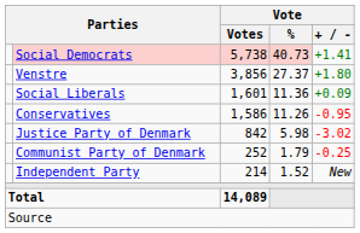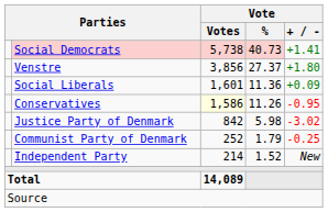 <table class="wikitable" style="text-align:right;">
 <tr>
 <th style="text-align:centre;" rowspan="2" colspan="2" width="225">Parties</th>
 <th colspan="3">Vote</th>
 </tr>
 <tr>
 <th width="15">Votes</th>
 <th width="15">%</th>
 <th width="15">+ / -</th>
 </tr>
 <tr>
 <td width="2" style="color:inherit;background:"></td>
 <td bgcolor=#fbd0ce  align="left"><a href='#'>Social Democrats</a></td>
 <td bgcolor=#fbd0ce>5,738</td>
 <td bgcolor=#fbd0ce>40.73</td>
 <td style=color:green;>+1.41</td>
 </tr>
 <tr>
 <td width="2" style="color:inherit;background:"></td>
 <td align="left"><a href='#'>Venstre</a></td>
 <td>3,856</td>
 <td>27.37</td>
 <td style=color:green;>+1.80</td>
 </tr>
 <tr>
 <td width="2" style="color:inherit;background:"></td>
 <td align="left"><a href='#'>Social Liberals</a></td>
 <td>1,601</td>
 <td>11.36</td>
 <td style=color:green;>+0.09</td>
 </tr>
 <tr>
 <td width="2" style="color:inherit;background:"></td>
 <td align="left"><a href='#'>Conservatives</a></td>
-<td>1,586</td>
+<td style="background: lightyellow;">1,586</td>
 <td>11.26</td>
 <td style=color:red;>-0.95</td>
 </tr>
 <tr>
 <td width="2" style="color:inherit;background:"></td>
 <td align="left"><a href='#'>Justice Party of Denmark</a></td>
 <td>842</td>
 <td>5.98</td>
 <td style=color:red;>-3.02</td>
 </tr>
 <tr>
 <td width="2" style="color:inherit;background:"></td>
 <td align="left"><a href='#'>Communist Party of Denmark</a></td>
 <td>252</td>
 <td>1.79</td>
 <td style=color:red;>-0.25</td>
 </tr>
 <tr>
 <td width="2" style="color:inherit;background:"></td>
 <td align="left"><a href='#'>Independent Party</a></td>
 <td>214</td>
 <td>1.52</td>
 <td><em>New</em></td>
 </tr>
 <tr>
 <td colspan="7" bgcolor="#E9E9E9"></td>
 </tr>
 <tr>
 <td align="left" colspan="2"><strong>Total</strong></td>
 <td><strong>14,089</strong></td>
 <td bgcolor="#E9E9E9" colspan="2"></td>
 </tr>
 <tr>
 <td align="left" colspan="6">Source</td>
 </tr>
 </table>
